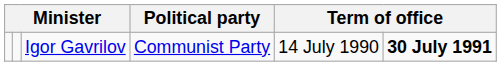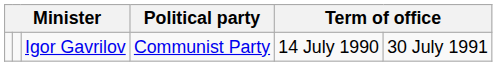 <table class="wikitable" style="text-align:center;">
 <tr>
 <th colspan=3>Minister</th>
 <th>Political party</th>
 <th colspan=2>Term of office</th>
 </tr>
 <tr>
 <td style="background: "></td>
 <td></td>
 <td><a href='#'>Igor Gavrilov</a></td>
 <td><a href='#'>Communist Party</a></td>
 <td>14 July 1990</td>
-<td><strong>30 July 1991</strong></td>
+<td>30 July 1991</td>
 </tr>
 </table>
